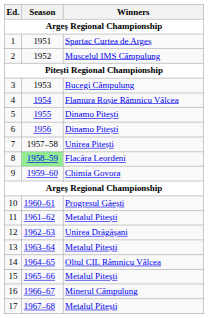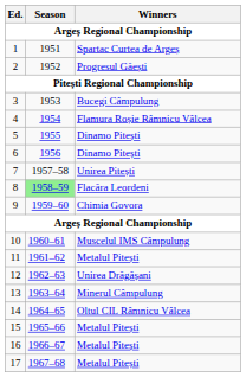 <table class="wikitable" style="font-size:90%">
 <tr>
 <th><abbr>Ed.</abbr></th>
 <th width="60">Season</th>
 <th width="220">Winners</th>
 </tr>
 <tr>
 <th colspan="3" style="background:#ffffff">Argeș Regional Championship</th>
 </tr>
 <tr>
 <td align=center>1</td>
 <td align=center>1951</td>
 <td><a href='#'>Spartac Curtea de Argeș</a></td>
 </tr>
 <tr>
 <td align=center>2</td>
 <td align=center>1952</td>
-<td><a href='#'>Muscelul IMS Câmpulung</a></td>
+<td><a href='#'>Progresul Găești</a></td>
 </tr>
 <tr>
 <th colspan="3" style="background:#ffffff">Pitești Regional Championship</th>
 </tr>
 <tr>
 <td align=center>3</td>
 <td align=center>1953</td>
 <td><a href='#'>Bucegi Câmpulung</a></td>
 </tr>
 <tr>
 <td align=center>4</td>
 <td align=center><a href='#'>1954</a></td>
 <td><a href='#'>Flamura Roșie Râmnicu Vâlcea</a></td>
 </tr>
 <tr>
 <td align=center>5</td>
 <td align=center><a href='#'>1955</a></td>
 <td><a href='#'>Dinamo Pitești</a></td>
 </tr>
 <tr>
 <td align=center>6</td>
 <td align=center><a href='#'>1956</a></td>
 <td><a href='#'>Dinamo  Pitești</a></td>
 </tr>
 <tr>
 <td align=center>7</td>
 <td align=center>1957–58</td>
 <td><a href='#'>Unirea Pitești</a></td>
 </tr>
 <tr>
 <td align=center>8</td>
 <td align=center style="background: lightgreen;"><a href='#'>1958–59</a></td>
 <td><a href='#'>Flacăra Leordeni</a></td>
 </tr>
 <tr>
 <td align=center>9</td>
 <td align=center><a href='#'>1959–60</a></td>
 <td><a href='#'>Chimia Govora</a></td>
 </tr>
 <tr>
 <th colspan="3" style="background:#ffffff">Argeș Regional Championship</th>
 </tr>
 <tr>
 <td align=center>10</td>
 <td><a href='#'>1960–61</a></td>
-<td><a href='#'>Progresul Găești</a></td>
+<td><a href='#'>Muscelul IMS Câmpulung</a></td>
 </tr>
 <tr>
 <td align=center>11</td>
 <td><a href='#'>1961–62</a></td>
 <td><a href='#'>Metalul Pitești</a></td>
 </tr>
 <tr>
 <td align=center>12</td>
 <td><a href='#'>1962–63</a></td>
 <td><a href='#'>Unirea Drăgășani</a></td>
 </tr>
 <tr>
 <td align=center>13</td>
 <td><a href='#'>1963–64</a></td>
-<td><a href='#'>Metalul Pitești</a></td>
+<td><a href='#'>Minerul Câmpulung</a></td>
 </tr>
 <tr>
 <td align=center>14</td>
 <td><a href='#'>1964–65</a></td>
 <td><a href='#'>Oltul CIL Râmnicu Vâlcea</a></td>
 </tr>
 <tr>
 <td align=center>15</td>
 <td><a href='#'>1965–66</a></td>
 <td><a href='#'>Metalul Pitești</a></td>
 </tr>
 <tr>
 <td align=center>16</td>
 <td><a href='#'>1966–67</a></td>
-<td><a href='#'>Minerul Câmpulung</a></td>
+<td><a href='#'>Metalul Pitești</a></td>
 </tr>
 <tr>
 <td align=center>17</td>
 <td><a href='#'>1967–68</a></td>
 <td><a href='#'>Metalul Pitești</a></td>
 </tr>
 </table>
